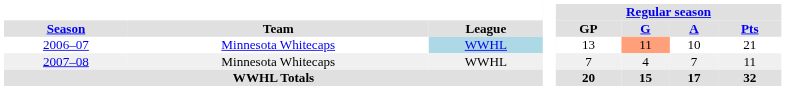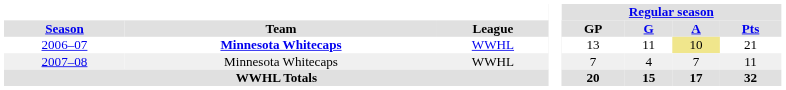 <table border="0" cellpadding="1" cellspacing="0" width="75%" style="text-align:center">
 <tr bgcolor="#e0e0e0">
 <th colspan="3" bgcolor="#ffffff"> </th>
 <th rowspan="100" bgcolor="#ffffff"> </th>
 <th colspan="4"><a href='#'>Regular season</a></th>
 </tr>
 <tr bgcolor="#e0e0e0">
 <th><a href='#'>Season</a></th>
 <th>Team</th>
 <th>League</th>
 <th>GP</th>
 <th><a href='#'>G</a></th>
 <th><a href='#'>A</a></th>
 <th><a href='#'>Pts</a></th>
 </tr>
 <tr>
 <td><a href='#'>2006–07</a></td>
-<td><a href='#'>Minnesota Whitecaps</a></td>
-<td style="background: lightblue;"><a href='#'>WWHL</a></td>
+<td><strong><a href='#'>Minnesota Whitecaps</a></strong></td>
+<td><a href='#'>WWHL</a></td>
 <td>13</td>
-<td style="background: lightsalmon;">11</td>
-<td>10</td>
+<td>11</td>
+<td style="background: khaki;">10</td>
 <td>21</td>
 </tr>
 <tr bgcolor="#f0f0f0">
 <td><a href='#'>2007–08</a></td>
 <td>Minnesota Whitecaps</td>
 <td>WWHL</td>
 <td>7</td>
 <td>4</td>
 <td>7</td>
 <td>11</td>
 </tr>
 <tr bgcolor="#e0e0e0">
 <th colspan="3">WWHL Totals</th>
 <th>20</th>
 <th>15</th>
 <th>17</th>
 <th>32</th>
 </tr>
 </table>
